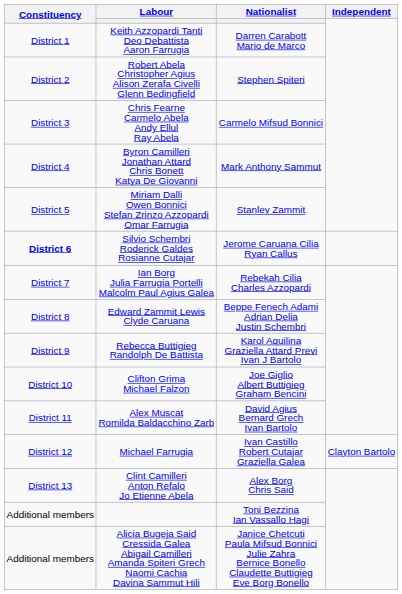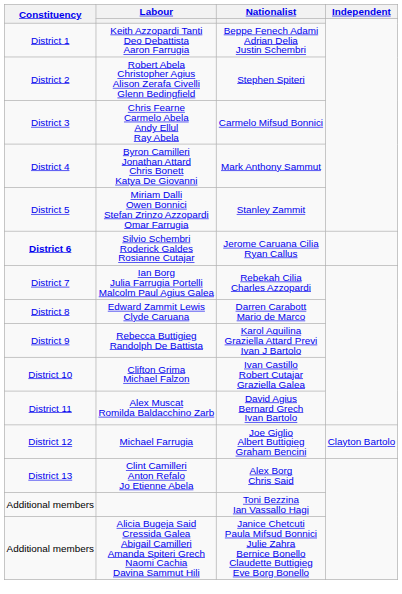 <table class="wikitable" style="font-size:95%; line-height:15px; text-align:center;">
 <tr>
 <th rowspan="2"><a href='#'>Constituency</a></th>
 <th scope="col"><a href='#'>Labour</a></th>
 <th scope="col"><a href='#'>Nationalist</a></th>
 <th scope="col"><a href='#'>Independent</a></th>
 </tr>
 <tr>
 <th style="background:"></th>
 <th style="background:"></th>
 </tr>
 <tr>
 <td><a href='#'>District 1</a></td>
 <td><a href='#'>Keith Azzopardi Tanti</a><br><a href='#'>Deo Debattista</a><br><a href='#'>Aaron Farrugia</a></td>
-<td><a href='#'>Darren Carabott</a><br><a href='#'>Mario de Marco</a></td>
+<td><a href='#'>Beppe Fenech Adami</a><br><a href='#'>Adrian Delia</a><br><a href='#'>Justin Schembri</a></td>
 </tr>
 <tr>
 <td><a href='#'>District 2</a></td>
 <td><a href='#'>Robert Abela</a><br><a href='#'>Christopher Agius</a><br><a href='#'>Alison Zerafa Civelli</a><br><a href='#'>Glenn Bedingfield</a></td>
 <td><a href='#'>Stephen Spiteri</a></td>
 </tr>
 <tr>
 <td><a href='#'>District 3</a></td>
 <td><a href='#'>Chris Fearne</a><br><a href='#'>Carmelo Abela</a><br><a href='#'>Andy Ellul</a><br><a href='#'>Ray Abela</a></td>
 <td><a href='#'>Carmelo Mifsud Bonnici</a></td>
 </tr>
 <tr>
 <td><a href='#'>District 4</a></td>
 <td><a href='#'>Byron Camilleri</a><br><a href='#'>Jonathan Attard</a><br><a href='#'>Chris Bonett</a><br><a href='#'>Katya De Giovanni</a></td>
 <td><a href='#'>Mark Anthony Sammut</a></td>
 </tr>
 <tr>
 <td><a href='#'>District 5</a></td>
 <td><a href='#'>Miriam Dalli</a><br><a href='#'>Owen Bonnici</a><br><a href='#'>Stefan Zrinzo Azzopardi</a><br><a href='#'>Omar Farrugia</a></td>
 <td><a href='#'>Stanley Zammit</a></td>
 </tr>
 <tr>
 <td><strong><a href='#'>District 6</a></strong></td>
 <td><a href='#'>Silvio Schembri</a><br><a href='#'>Roderick Galdes</a><br><a href='#'>Rosianne Cutajar</a></td>
 <td><a href='#'>Jerome Caruana Cilia</a><br><a href='#'>Ryan Callus</a></td>
 <td></td>
 </tr>
 <tr>
 <td><a href='#'>District 7</a></td>
 <td><a href='#'>Ian Borg</a><br><a href='#'>Julia Farrugia Portelli</a><br><a href='#'>Malcolm Paul Agius Galea</a></td>
 <td><a href='#'>Rebekah Cilia</a><br><a href='#'>Charles Azzopardi</a></td>
 </tr>
 <tr>
 <td><a href='#'>District 8</a></td>
 <td><a href='#'>Edward Zammit Lewis</a><br><a href='#'>Clyde Caruana</a></td>
-<td><a href='#'>Beppe Fenech Adami</a><br><a href='#'>Adrian Delia</a><br><a href='#'>Justin Schembri</a></td>
+<td><a href='#'>Darren Carabott</a><br><a href='#'>Mario de Marco</a></td>
 </tr>
 <tr>
 <td><a href='#'>District 9</a></td>
 <td><a href='#'>Rebecca Buttigieg</a><br><a href='#'>Randolph De Battista</a></td>
 <td><a href='#'>Karol Aquilina</a><br><a href='#'>Graziella Attard Previ</a><br><a href='#'>Ivan J Bartolo</a></td>
 </tr>
 <tr>
 <td><a href='#'>District 10</a></td>
 <td><a href='#'>Clifton Grima</a><br><a href='#'>Michael Falzon</a></td>
-<td><a href='#'>Joe Giglio</a><br><a href='#'>Albert Buttigieg</a><br><a href='#'>Graham Bencini</a></td>
+<td><a href='#'>Ivan Castillo</a><br><a href='#'>Robert Cutajar</a><br><a href='#'>Graziella Galea</a></td>
 </tr>
 <tr>
 <td><a href='#'>District 11</a></td>
 <td><a href='#'>Alex Muscat</a><br><a href='#'>Romilda Baldacchino Zarb</a></td>
 <td><a href='#'>David Agius</a><br><a href='#'>Bernard Grech</a><br><a href='#'>Ivan Bartolo</a></td>
 </tr>
 <tr>
 <td><a href='#'>District 12</a></td>
 <td><a href='#'>Michael Farrugia</a></td>
-<td><a href='#'>Ivan Castillo</a><br><a href='#'>Robert Cutajar</a><br><a href='#'>Graziella Galea</a></td>
+<td><a href='#'>Joe Giglio</a><br><a href='#'>Albert Buttigieg</a><br><a href='#'>Graham Bencini</a></td>
 <td><a href='#'>Clayton Bartolo</a></td>
 </tr>
 <tr>
 <td><a href='#'>District 13</a></td>
 <td><a href='#'>Clint Camilleri</a><br><a href='#'>Anton Refalo</a><br><a href='#'>Jo Etienne Abela</a></td>
 <td><a href='#'>Alex Borg</a><br><a href='#'>Chris Said</a></td>
 </tr>
 <tr>
 <td>Additional members<br></td>
 <td></td>
 <td><a href='#'>Toni Bezzina</a><br><a href='#'>Ian Vassallo Hagi</a></td>
 </tr>
 <tr>
 <td>Additional members<br></td>
 <td><a href='#'>Alicia Bugeja Said</a><br><a href='#'>Cressida Galea</a><br><a href='#'>Abigail Camilleri</a><br><a href='#'>Amanda Spiteri Grech</a><br><a href='#'>Naomi Cachia</a><br><a href='#'>Davina Sammut Hili</a></td>
 <td><a href='#'>Janice Chetcuti</a><br><a href='#'>Paula Mifsud Bonnici</a><br><a href='#'>Julie Zahra</a><br><a href='#'>Bernice Bonello</a><br><a href='#'>Claudette Buttigieg</a><br><a href='#'>Eve Borg Bonello</a></td>
 </tr>
 </table>
